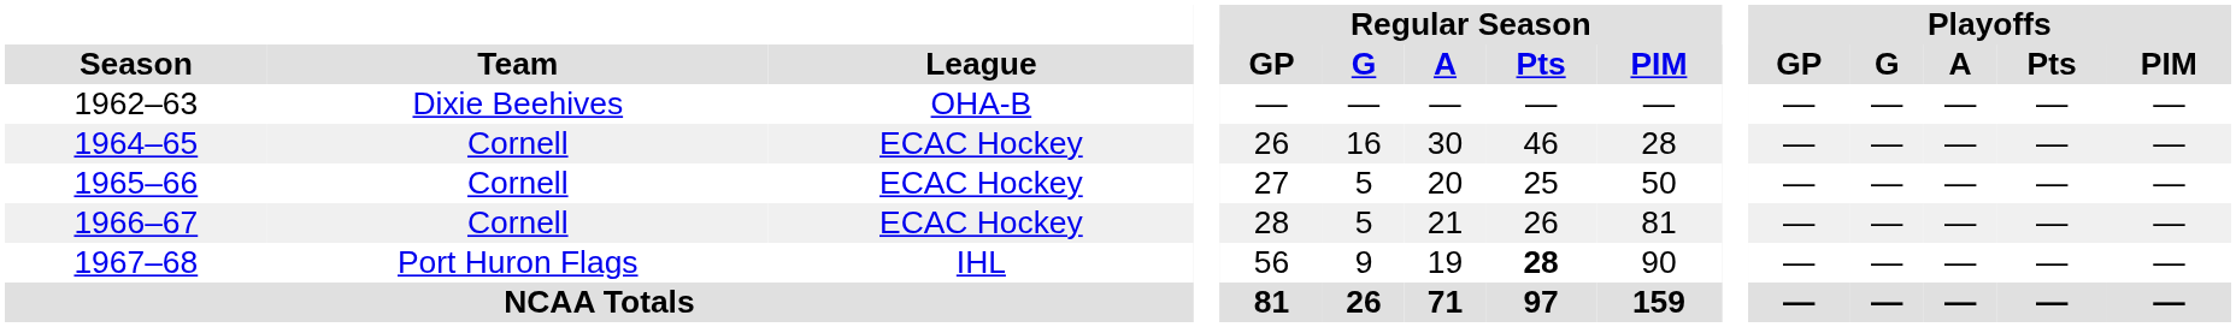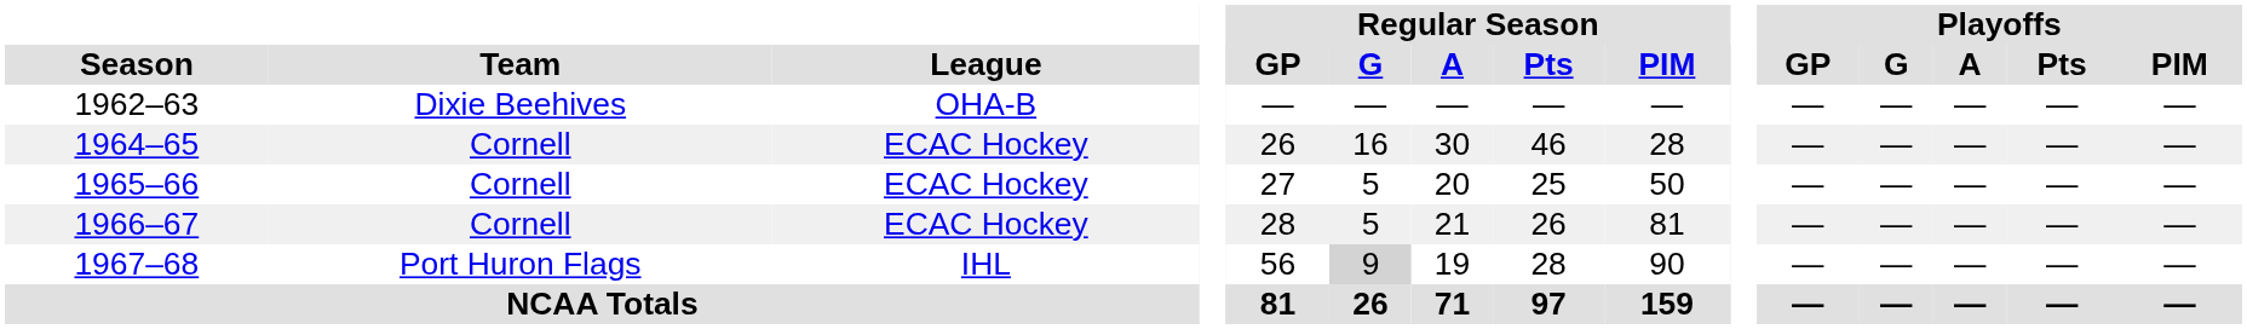 <table border="0" cellpadding="1" cellspacing="0" style="text-align:center; width:70em">
 <tr bgcolor="#e0e0e0">
 <th colspan="3"  bgcolor="#ffffff"> </th>
 <th rowspan="99" bgcolor="#ffffff"> </th>
 <th colspan="5">Regular Season</th>
 <th rowspan="99" bgcolor="#ffffff"> </th>
 <th colspan="5">Playoffs</th>
 </tr>
 <tr bgcolor="#e0e0e0">
 <th>Season</th>
 <th>Team</th>
 <th>League</th>
 <th>GP</th>
 <th><a href='#'>G</a></th>
 <th><a href='#'>A</a></th>
 <th><a href='#'>Pts</a></th>
 <th><a href='#'>PIM</a></th>
 <th>GP</th>
 <th>G</th>
 <th>A</th>
 <th>Pts</th>
 <th>PIM</th>
 </tr>
 <tr>
 <td>1962–63</td>
 <td><a href='#'>Dixie Beehives</a></td>
 <td><a href='#'>OHA-B</a></td>
 <td>—</td>
 <td>—</td>
 <td>—</td>
 <td>—</td>
 <td>—</td>
 <td>—</td>
 <td>—</td>
 <td>—</td>
 <td>—</td>
 <td>—</td>
 </tr>
 <tr bgcolor=f0f0f0>
 <td><a href='#'>1964–65</a></td>
 <td><a href='#'>Cornell</a></td>
 <td><a href='#'>ECAC Hockey</a></td>
 <td>26</td>
 <td>16</td>
 <td>30</td>
 <td>46</td>
 <td>28</td>
 <td>—</td>
 <td>—</td>
 <td>—</td>
 <td>—</td>
 <td>—</td>
 </tr>
 <tr>
 <td><a href='#'>1965–66</a></td>
 <td><a href='#'>Cornell</a></td>
 <td><a href='#'>ECAC Hockey</a></td>
 <td>27</td>
 <td>5</td>
 <td>20</td>
 <td>25</td>
 <td>50</td>
 <td>—</td>
 <td>—</td>
 <td>—</td>
 <td>—</td>
 <td>—</td>
 </tr>
 <tr bgcolor=f0f0f0>
 <td><a href='#'>1966–67</a></td>
 <td><a href='#'>Cornell</a></td>
 <td><a href='#'>ECAC Hockey</a></td>
 <td>28</td>
 <td>5</td>
 <td>21</td>
 <td>26</td>
 <td>81</td>
 <td>—</td>
 <td>—</td>
 <td>—</td>
 <td>—</td>
 <td>—</td>
 </tr>
 <tr>
 <td><a href='#'>1967–68</a></td>
 <td><a href='#'>Port Huron Flags</a></td>
 <td><a href='#'>IHL</a></td>
 <td>56</td>
-<td>9</td>
+<td style="background: lightgrey;">9</td>
 <td>19</td>
-<td><strong>28</strong></td>
+<td>28</td>
 <td>90</td>
 <td>—</td>
 <td>—</td>
 <td>—</td>
 <td>—</td>
 <td>—</td>
 </tr>
 <tr bgcolor="#e0e0e0">
 <th colspan="3">NCAA Totals</th>
 <th>81</th>
 <th>26</th>
 <th>71</th>
 <th>97</th>
 <th>159</th>
 <th>—</th>
 <th>—</th>
 <th>—</th>
 <th>—</th>
 <th>—</th>
 </tr>
 </table>
